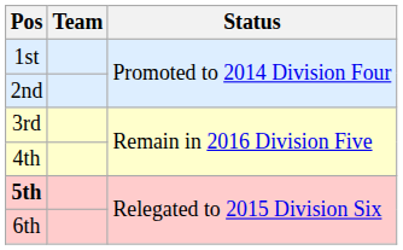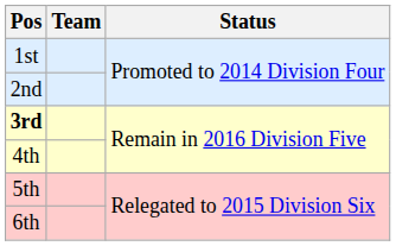 <table class="wikitable">
 <tr>
 <th>Pos</th>
 <th>Team</th>
 <th>Status</th>
 </tr>
 <tr style="background:#def;">
 <td style="text-align:center;">1st</td>
 <td></td>
 <td rowspan=2>Promoted to <a href='#'>2014 Division Four</a></td>
 </tr>
 <tr style="background:#def;">
 <td style="text-align:center;">2nd</td>
 <td></td>
 </tr>
 <tr style="background:#ffc;">
-<td style="text-align:center;">3rd</td>
+<td style="text-align:center;"><strong>3rd</strong></td>
 <td></td>
 <td rowspan=2>Remain in <a href='#'>2016 Division Five</a></td>
 </tr>
 <tr style="background:#ffc;">
 <td style="text-align:center;">4th</td>
 <td></td>
 </tr>
 <tr style="background:#fcc;">
-<td style="text-align:center;"><strong>5th</strong></td>
+<td style="text-align:center;">5th</td>
 <td></td>
 <td rowspan=2>Relegated to <a href='#'>2015 Division Six</a></td>
 </tr>
 <tr style="background:#fcc;">
 <td style="text-align:center;">6th</td>
 <td></td>
 </tr>
 </table>
